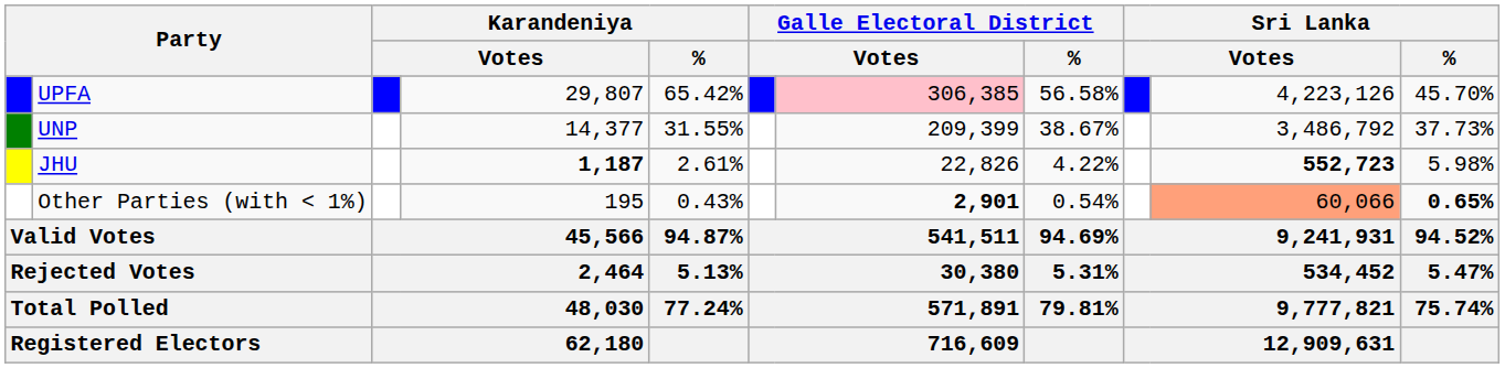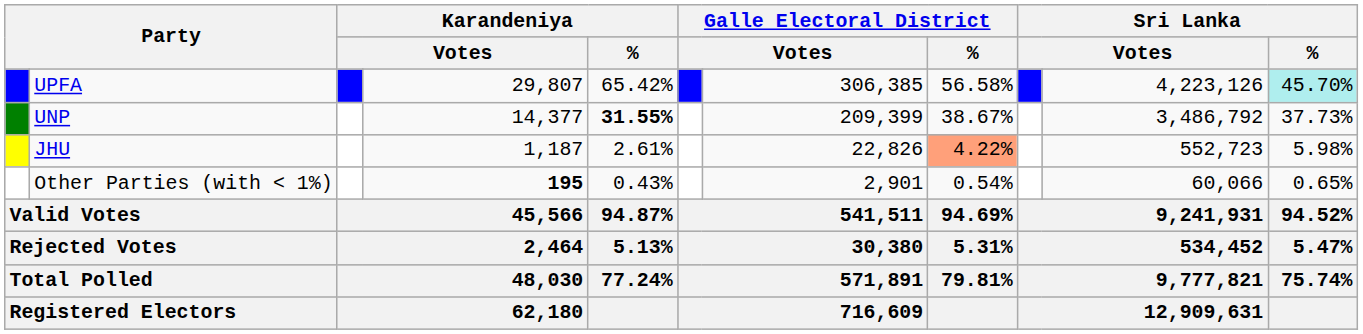 <table class="wikitable">
 <tr>
 <th colspan="2" width="144px"rowspan="2">Party</th>
 <th colspan="3" width="216px">Karandeniya</th>
 <th colspan="3" width="216px"><a href='#'>Galle Electoral District</a></th>
 <th colspan="3" width="216px">Sri Lanka</th>
 </tr>
 <tr>
 <th colspan="2" width="144px">Votes</th>
 <th>%</th>
 <th colspan="2" width="144px">Votes</th>
 <th>%</th>
 <th colspan="2" width="144px">Votes</th>
 <th>%</th>
 </tr>
 <tr>
 <td style="background-color:blue;" width="10px"></td>
 <td style="text-align:left;"><a href='#'>UPFA</a></td>
 <td style="background-color:blue;" width="10px"></td>
 <td style="text-align:right;">29,807</td>
 <td style="text-align:right;">65.42%</td>
 <td style="background-color:blue;" width="10px"></td>
-<td style="background: pink; text-align:right;">306,385</td>
+<td style="text-align:right;">306,385</td>
 <td style="text-align:right;">56.58%</td>
 <td style="background-color:blue;" width="10px"></td>
 <td style="text-align:right;">4,223,126</td>
-<td style="text-align:right;">45.70%</td>
+<td style="background: paleturquoise; text-align:right;">45.70%</td>
 </tr>
 <tr>
 <td style="background-color:green;" width="10px"></td>
 <td style="text-align:left;"><a href='#'>UNP</a></td>
 <td style="background-color:white;" width="10px"></td>
 <td style="text-align:right;">14,377</td>
-<td style="text-align:right;">31.55%</td>
+<td style="text-align:right;"><strong>31.55%</strong></td>
 <td style="background-color:white;" width="10px"></td>
 <td style="text-align:right;">209,399</td>
 <td style="text-align:right;">38.67%</td>
 <td style="background-color:white;" width="10px"></td>
 <td style="text-align:right;">3,486,792</td>
 <td style="text-align:right;">37.73%</td>
 </tr>
 <tr>
 <td style="background-color:yellow;" width="10px"></td>
 <td style="text-align:left;"><a href='#'>JHU</a></td>
 <td style="background-color:white;" width="10px"></td>
-<td style="text-align:right;"><strong>1,187</strong></td>
+<td style="text-align:right;">1,187</td>
 <td style="text-align:right;">2.61%</td>
 <td style="background-color:white;" width="10px"></td>
 <td style="text-align:right;">22,826</td>
-<td style="text-align:right;">4.22%</td>
+<td style="background: lightsalmon; text-align:right;">4.22%</td>
 <td style="background-color:white;" width="10px"></td>
-<td style="text-align:right;"><strong>552,723</strong></td>
+<td style="text-align:right;">552,723</td>
 <td style="text-align:right;">5.98%</td>
 </tr>
 <tr>
 <td style="background-color:white;" width="10px"></td>
 <td style="text-align:left;">Other Parties (with < 1%)</td>
 <td style="background-color:white;" width="10px"></td>
-<td style="text-align:right;">195</td>
+<td style="text-align:right;"><strong>195</strong></td>
 <td style="text-align:right;">0.43%</td>
 <td style="background-color:white;" width="10px"></td>
-<td style="text-align:right;"><strong>2,901</strong></td>
+<td style="text-align:right;">2,901</td>
 <td style="text-align:right;">0.54%</td>
 <td style="background-color:white;" width="10px"></td>
-<td style="background: lightsalmon; text-align:right;">60,066</td>
-<td style="text-align:right;"><strong>0.65%</strong></td>
+<td style="text-align:right;">60,066</td>
+<td style="text-align:right;">0.65%</td>
 </tr>
 <tr>
 <th colspan="2" width="144px"style="text-align:left;">Valid Votes</th>
 <th style="text-align:right;"colspan="2" width="144px">45,566</th>
 <th style="text-align:right;">94.87%</th>
 <th style="text-align:right;"colspan="2" width="144px">541,511</th>
 <th style="text-align:right;">94.69%</th>
 <th style="text-align:right;"colspan="2" width="144px">9,241,931</th>
 <th style="text-align:right;">94.52%</th>
 </tr>
 <tr>
 <th colspan="2" width="144px"style="text-align:left;">Rejected Votes</th>
 <th style="text-align:right;"colspan="2" width="144px">2,464</th>
 <th style="text-align:right;">5.13%</th>
 <th style="text-align:right;"colspan="2" width="144px">30,380</th>
 <th style="text-align:right;">5.31%</th>
 <th style="text-align:right;"colspan="2" width="144px">534,452</th>
 <th style="text-align:right;">5.47%</th>
 </tr>
 <tr>
 <th colspan="2" width="144px"style="text-align:left;">Total Polled</th>
 <th style="text-align:right;"colspan="2" width="144px">48,030</th>
 <th style="text-align:right;">77.24%</th>
 <th style="text-align:right;"colspan="2" width="144px">571,891</th>
 <th style="text-align:right;">79.81%</th>
 <th style="text-align:right;"colspan="2" width="144px">9,777,821</th>
 <th style="text-align:right;">75.74%</th>
 </tr>
 <tr>
 <th colspan="2" width="144px"style="text-align:left;">Registered Electors</th>
 <th style="text-align:right;"colspan="2" width="144px">62,180</th>
 <th></th>
 <th style="text-align:right;"colspan="2" width="144px">716,609</th>
 <th></th>
 <th style="text-align:right;"colspan="2" width="144px">12,909,631</th>
 <th></th>
 </tr>
 </table>
